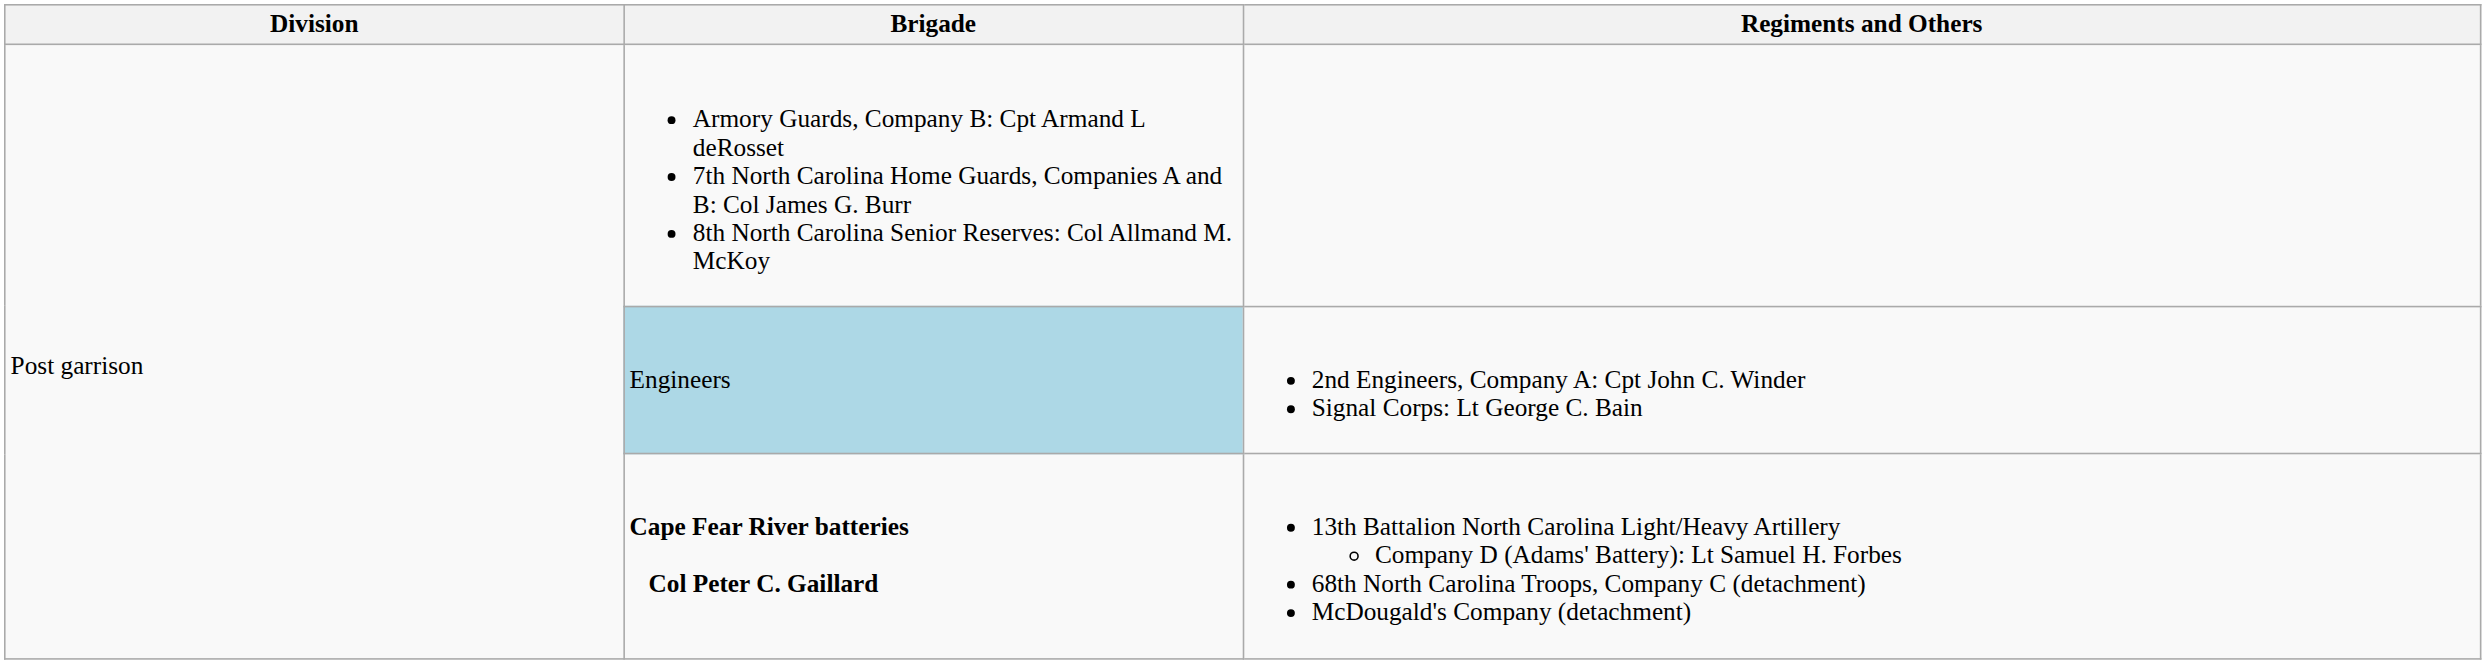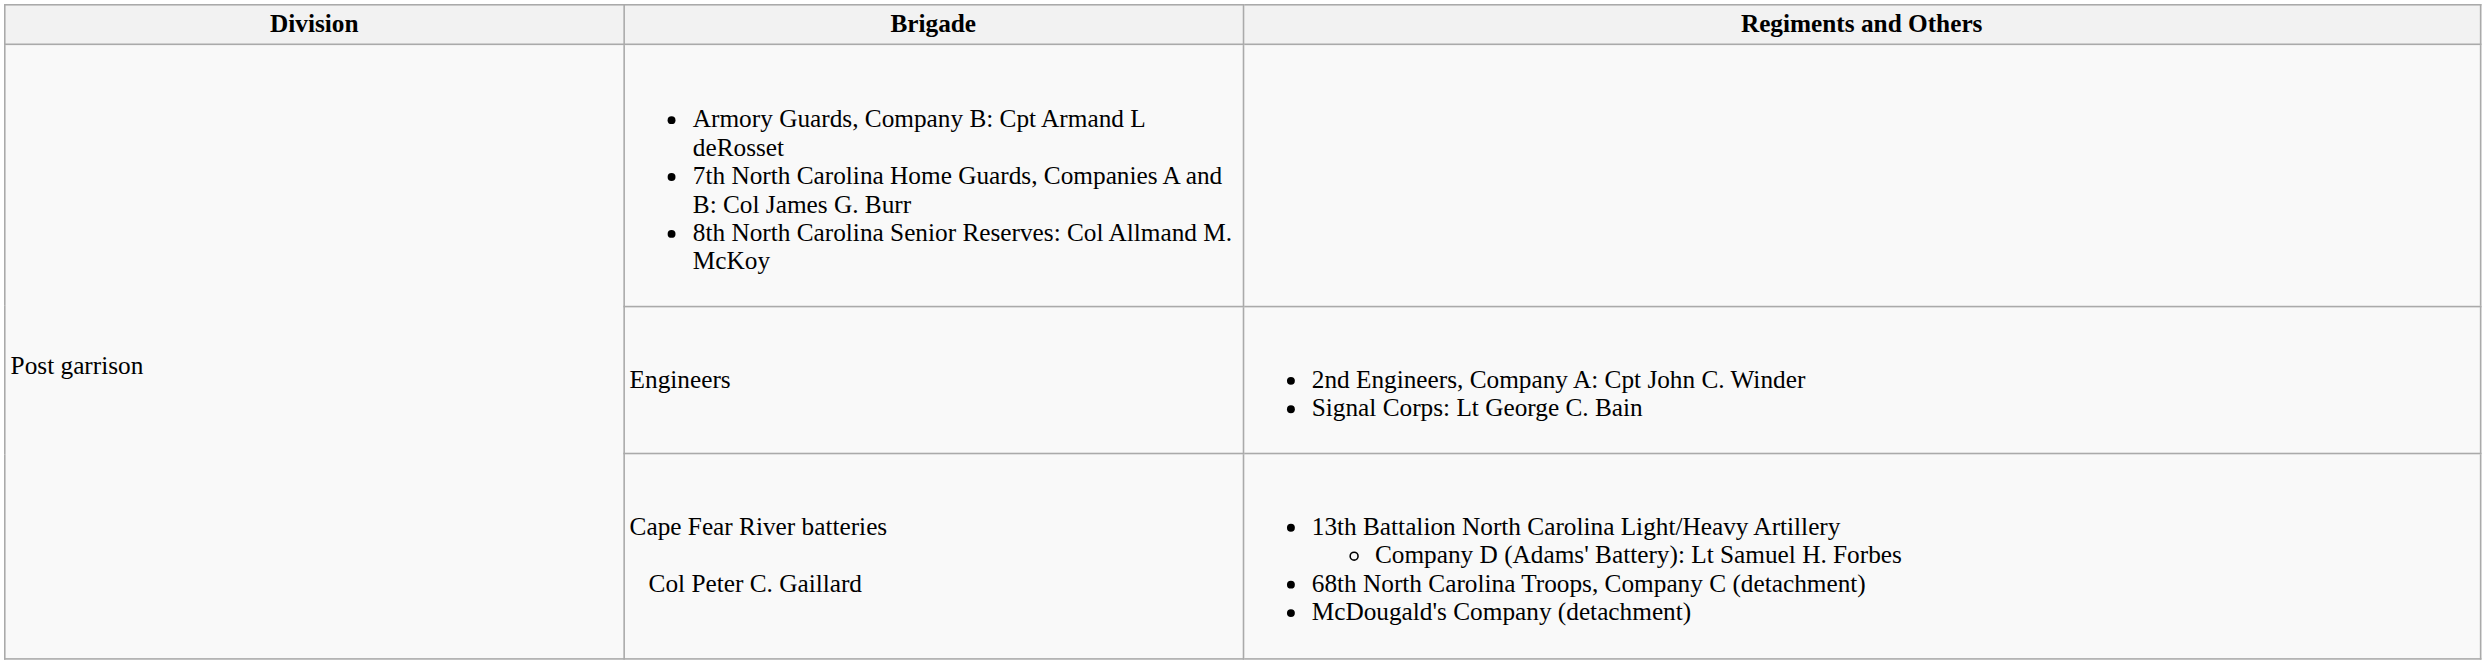 <table class="wikitable">
 <tr>
 <th width=25%>Division</th>
 <th width=25%>Brigade</th>
 <th>Regiments and Others</th>
 </tr>
 <tr>
 <td rowspan=3><br>Post garrison</td>
 <td><br><ul><li>Armory Guards, Company B: Cpt Armand L deRosset</li><li>7th North Carolina Home Guards, Companies A and B: Col James G. Burr</li><li>8th North Carolina Senior Reserves: Col Allmand M. McKoy</li></ul></td>
 </tr>
 <tr>
-<td style="background: lightblue;">Engineers</td>
+<td>Engineers</td>
 <td><br><ul><li>2nd Engineers, Company A: Cpt John C. Winder</li><li>Signal Corps: Lt George C. Bain</li></ul></td>
 </tr>
 <tr>
-<td><strong>Cape Fear River batteries<br><br>   Col Peter C. Gaillard</strong></td>
+<td>Cape Fear River batteries<br><br>   Col Peter C. Gaillard</td>
 <td><br><ul><li>13th Battalion North Carolina Light/Heavy Artillery<ul><li>Company D (Adams' Battery): Lt Samuel H. Forbes</li></ul></li><li>68th North Carolina Troops, Company C (detachment)</li><li>McDougald's Company (detachment)</li></ul></td>
 </tr>
 </table>
